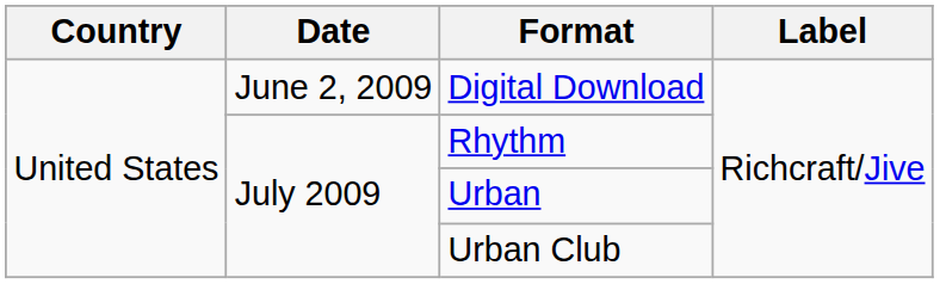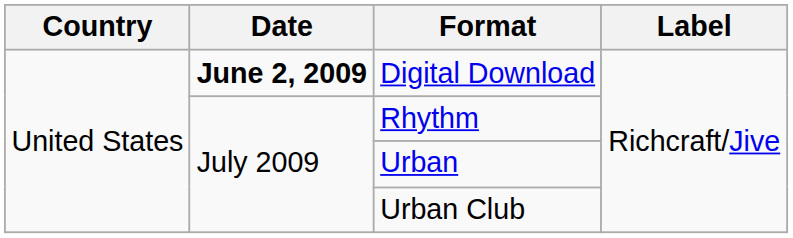 <table class="wikitable plainrowheaders">
 <tr>
 <th scope="col">Country</th>
 <th scope="col">Date</th>
 <th scope="col">Format</th>
 <th scope="col">Label</th>
 </tr>
 <tr>
 <td rowspan="4">United States</td>
-<td>June 2, 2009</td>
+<td><strong>June 2, 2009</strong></td>
 <td><a href='#'>Digital Download</a></td>
 <td rowspan="4">Richcraft/<a href='#'>Jive</a></td>
 </tr>
 <tr>
 <td rowspan="4">July 2009</td>
 <td><a href='#'>Rhythm</a></td>
 </tr>
 <tr>
 <td><a href='#'>Urban</a></td>
 </tr>
 <tr>
 <td>Urban Club</td>
 </tr>
 </table>
